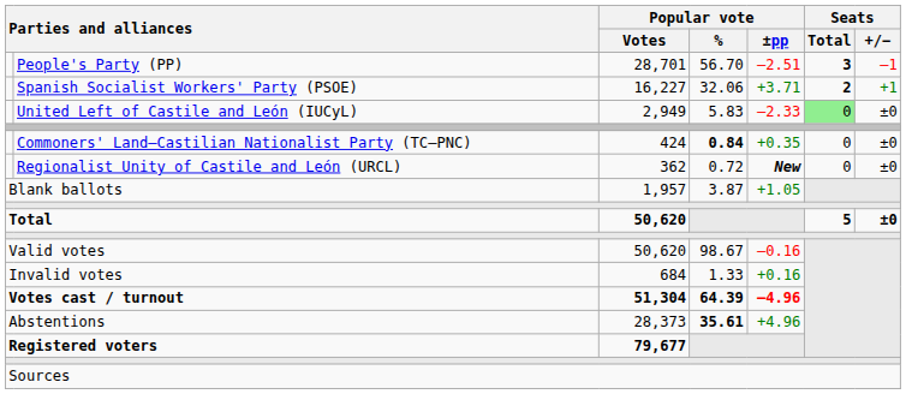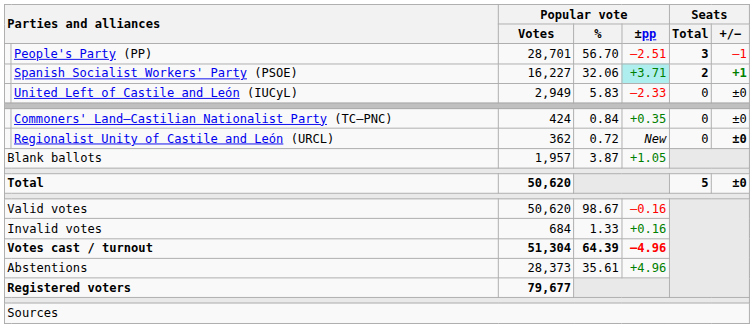 <table class="wikitable" style="text-align:right;">
 <tr>
 <th style="text-align:left;" rowspan="2" colspan="2" width="525">Parties and alliances</th>
 <th colspan="3">Popular vote</th>
 <th colspan="2">Seats</th>
 </tr>
 <tr>
 <th width="75">Votes</th>
 <th width="45">%</th>
 <th width="45">±<a href='#'>pp</a></th>
 <th width="35">Total</th>
 <th width="35">+/−</th>
 </tr>
 <tr>
 <td width="1" style="color:inherit;background:"></td>
 <td align="left"><a href='#'>People's Party</a> (PP)</td>
 <td>28,701</td>
 <td>56.70</td>
 <td style="color:red;">–2.51</td>
 <td><strong>3</strong></td>
 <td style="color:red;">–1</td>
 </tr>
 <tr>
 <td style="color:inherit;background:"></td>
 <td align="left"><a href='#'>Spanish Socialist Workers' Party</a> (PSOE)</td>
 <td>16,227</td>
 <td>32.06</td>
-<td style="color:green;">+3.71</td>
+<td style="background: paleturquoise; color:green;">+3.71</td>
 <td><strong>2</strong></td>
-<td style="color:green;">+1</td>
+<td style="color:green;"><strong>+1</strong></td>
 </tr>
 <tr>
 <td style="color:inherit;background:"></td>
 <td align="left"><a href='#'>United Left of Castile and León</a> (IUCyL)</td>
 <td>2,949</td>
 <td>5.83</td>
 <td style="color:red;">–2.33</td>
-<td style="background: lightgreen;">0</td>
+<td>0</td>
 <td>±0</td>
 </tr>
 <tr>
 <td colspan="7" bgcolor="#C0C0C0"></td>
 </tr>
 <tr>
 <td style="color:inherit;background:"></td>
 <td align="left"><a href='#'>Commoners' Land–Castilian Nationalist Party</a> (TC–PNC)</td>
 <td>424</td>
-<td><strong>0.84</strong></td>
+<td>0.84</td>
 <td style="color:green;">+0.35</td>
 <td>0</td>
 <td>±0</td>
 </tr>
 <tr>
 <td style="color:inherit;background:"></td>
 <td align="left"><a href='#'>Regionalist Unity of Castile and León</a> (URCL)</td>
 <td>362</td>
 <td>0.72</td>
-<td><strong><em>New</em></strong></td>
+<td><em>New</em></td>
 <td>0</td>
-<td>±0</td>
+<td><strong>±0</strong></td>
 </tr>
 <tr>
 <td align="left" colspan="2">Blank ballots</td>
 <td>1,957</td>
 <td>3.87</td>
 <td style="color:green;">+1.05</td>
 <td bgcolor="#E9E9E9" colspan="2"></td>
 </tr>
 <tr>
 <td colspan="7" bgcolor="#E9E9E9"></td>
 </tr>
 <tr style="font-weight:bold;">
 <td align="left" colspan="2">Total</td>
 <td>50,620</td>
 <td bgcolor="#E9E9E9" colspan="2"></td>
 <td>5</td>
 <td>±0</td>
 </tr>
 <tr>
 <td colspan="7" bgcolor="#E9E9E9"></td>
 </tr>
 <tr>
 <td align="left" colspan="2">Valid votes</td>
 <td>50,620</td>
 <td>98.67</td>
 <td style="color:red;">–0.16</td>
 <td bgcolor="#E9E9E9" colspan="2" rowspan="5"></td>
 </tr>
 <tr>
 <td align="left" colspan="2">Invalid votes</td>
 <td>684</td>
 <td>1.33</td>
 <td style="color:green;">+0.16</td>
 </tr>
 <tr style="font-weight:bold;">
 <td align="left" colspan="2">Votes cast / turnout</td>
 <td>51,304</td>
 <td>64.39</td>
 <td style="color:red;">–4.96</td>
 </tr>
 <tr>
 <td align="left" colspan="2">Abstentions</td>
 <td>28,373</td>
-<td><strong>35.61</strong></td>
+<td>35.61</td>
 <td style="color:green;">+4.96</td>
 </tr>
 <tr style="font-weight:bold;">
 <td align="left" colspan="2">Registered voters</td>
 <td>79,677</td>
 <td bgcolor="#E9E9E9" colspan="2"></td>
 </tr>
 <tr>
 <td colspan="7" bgcolor="#E9E9E9"></td>
 </tr>
 <tr>
 <td align="left" colspan="7">Sources</td>
 </tr>
 </table>
